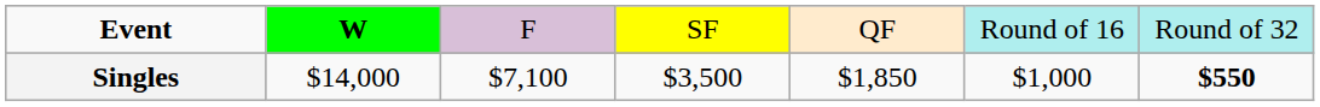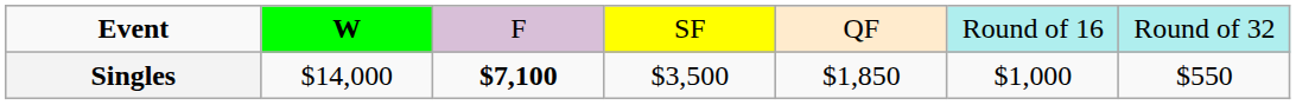 <table class=wikitable style=font-size:95%;text-align:center>
 <tr>
 <td style="width:130px"><strong>Event</strong></td>
 <td style="width:85px; background:lime"><strong>W</strong></td>
 <td style="width:85px; background:thistle">F</td>
 <td style="width:85px; background:#ffff00">SF</td>
 <td style="width:85px; background:#ffebcd">QF</td>
 <td style="width:85px; background:#afeeee">Round of 16</td>
 <td style="width:85px; background:#afeeee">Round of 32</td>
 </tr>
 <tr>
 <th style=background:#f3f3f3>Singles </th>
 <td>$14,000</td>
-<td>$7,100</td>
+<td><strong>$7,100</strong></td>
 <td>$3,500</td>
 <td>$1,850</td>
 <td>$1,000</td>
-<td><strong>$550</strong></td>
+<td>$550</td>
 </tr>
 </table>
